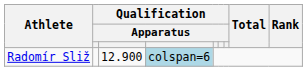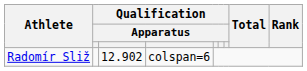 <table class="wikitable" style="font-size:90%">
 <tr>
 <th rowspan=3>Athlete</th>
 <th colspan =6>Qualification</th>
 <th rowspan=3>Total</th>
 <th rowspan=3>Rank</th>
 </tr>
 <tr style="font-size:95%">
 <th colspan=6>Apparatus</th>
 </tr>
 <tr style="font-size:95%">
 <th></th>
 <th></th>
 <th></th>
 <th></th>
 <th></th>
 <th></th>
 </tr>
 <tr align=center>
 <td align=left><a href='#'>Radomír Sliž</a></td>
 <td></td>
-<td>12.900</td>
-<td style="background: lightblue;">colspan=6</td>
+<td>12.902</td>
+<td>colspan=6</td>
 </tr>
 </table>
